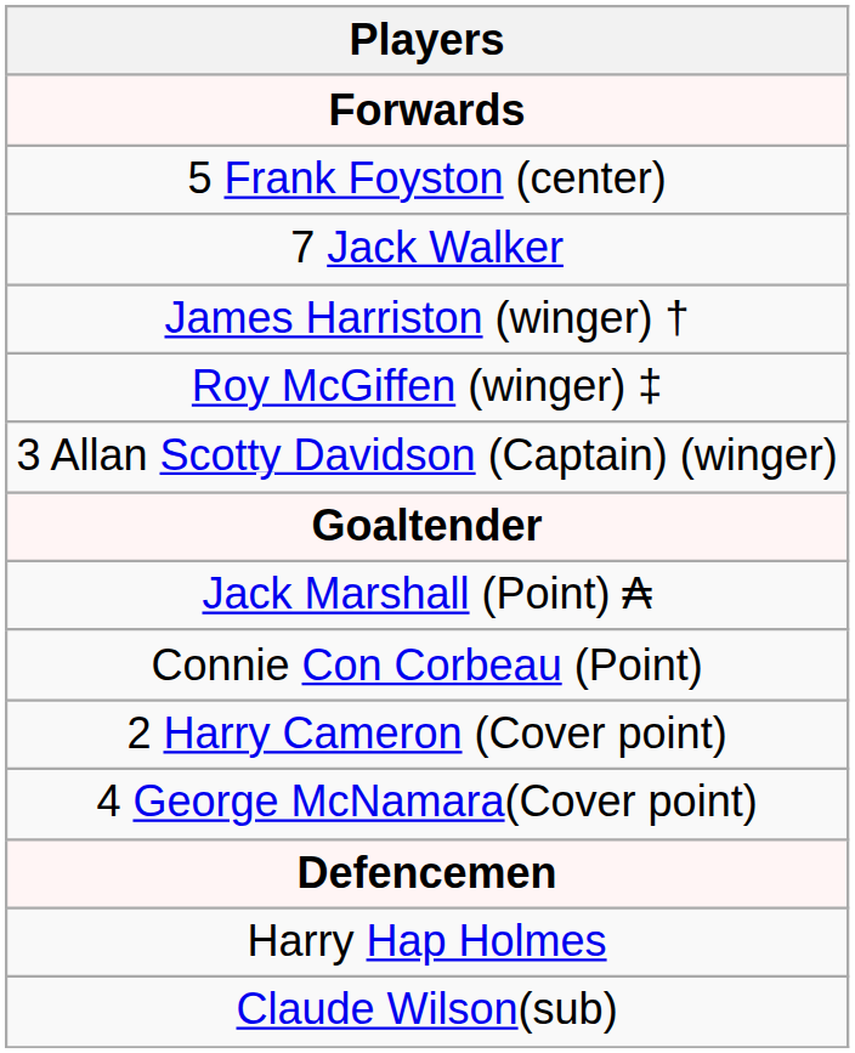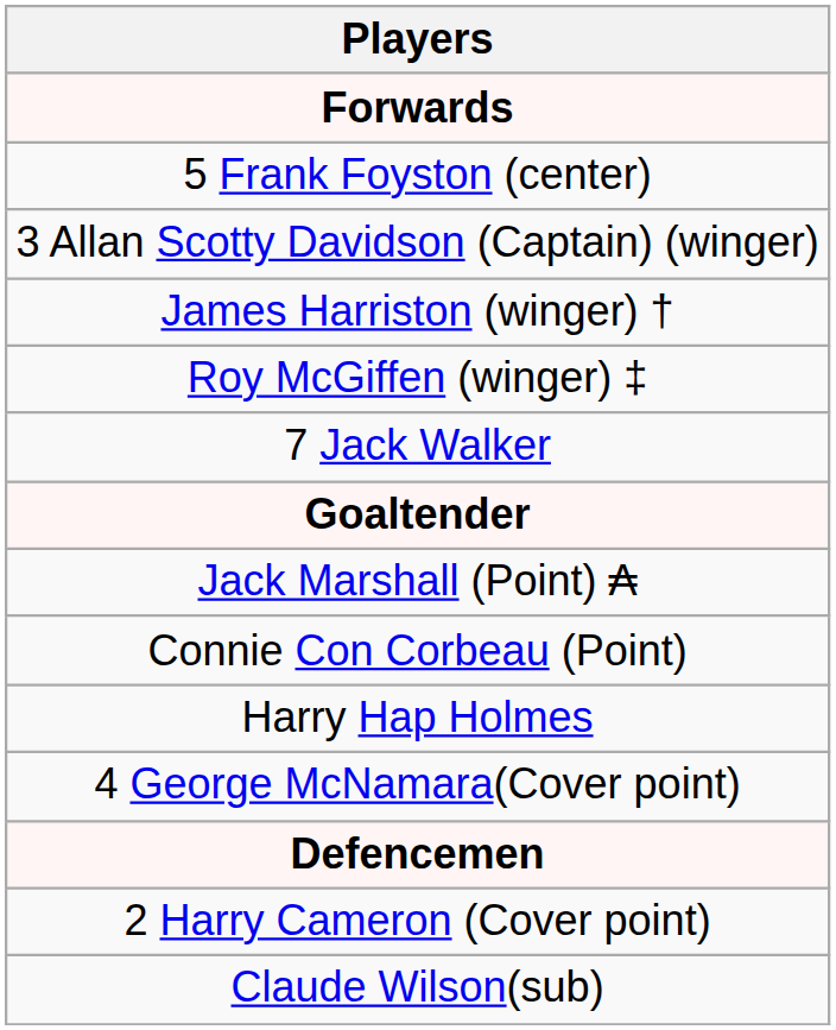 <table class="wikitable" style="text-align:center;">
 <tr>
 <th>Players</th>
 </tr>
 <tr style="font-weight:bold; background-color:#FFF5F5;">
 <td colspan="1" align="center"><strong>Forwards</strong></td>
 </tr>
 <tr>
 <td>5 <a href='#'>Frank Foyston</a> (center)</td>
 </tr>
 <tr>
-<td>7 <a href='#'>Jack Walker</a></td>
+<td>3 Allan <a href='#'>Scotty Davidson</a> (Captain) (winger)</td>
 </tr>
 <tr>
 <td><a href='#'>James Harriston</a> (winger) †</td>
 </tr>
 <tr>
 <td><a href='#'>Roy McGiffen</a> (winger) ‡</td>
 </tr>
 <tr>
-<td>3 Allan <a href='#'>Scotty Davidson</a> (Captain) (winger)</td>
+<td>7 <a href='#'>Jack Walker</a></td>
 </tr>
 <tr style="font-weight:bold; background-color:#FFF5F5;">
 <td colspan="1" align="center"><strong>Goaltender</strong></td>
 </tr>
 <tr>
 <td><a href='#'>Jack Marshall</a> (Point) ₳</td>
 </tr>
 <tr>
 <td>Connie <a href='#'>Con Corbeau</a> (Point)</td>
 </tr>
 <tr>
-<td>2 <a href='#'>Harry Cameron</a> (Cover point)</td>
+<td>Harry <a href='#'>Hap Holmes</a></td>
 </tr>
 <tr>
 <td>4 <a href='#'>George McNamara</a>(Cover point)</td>
 </tr>
 <tr style="font-weight:bold; background-color:#FFF5F5;">
 <td colspan="1" align="center"><strong>Defencemen</strong></td>
 </tr>
 <tr>
-<td>Harry <a href='#'>Hap Holmes</a></td>
+<td>2 <a href='#'>Harry Cameron</a> (Cover point)</td>
 </tr>
 <tr>
 <td><a href='#'>Claude Wilson</a>(sub)</td>
 </tr>
 </table>
